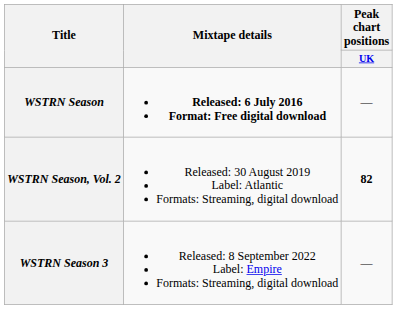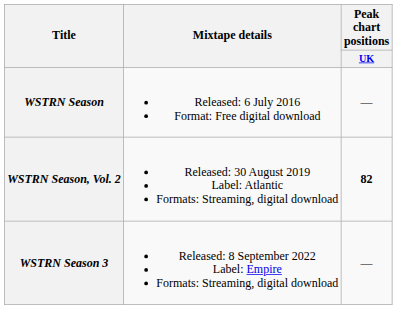 <table class="wikitable plainrowheaders" style="text-align:center;">
 <tr>
 <th scope="col" rowspan="2">Title</th>
 <th scope="col" rowspan="2">Mixtape details</th>
 <th scope="col" colspan="1">Peak chart positions</th>
 </tr>
 <tr>
 <th scope="col" style="width:3em;font-size:85%;"><a href='#'>UK</a><br></th>
 </tr>
 <tr>
 <th scope="row"><em>WSTRN Season</em></th>
-<td><strong><br><ul><li>Released: 6 July 2016</li><li>Format: Free digital download</li></ul></strong></td>
+<td><br><ul><li>Released: 6 July 2016</li><li>Format: Free digital download</li></ul></td>
 <td>—</td>
 </tr>
 <tr>
 <th scope="row"><em>WSTRN Season, Vol. 2</em></th>
 <td><br><ul><li>Released: 30 August 2019</li><li>Label: Atlantic</li><li>Formats: Streaming, digital download</li></ul></td>
 <td><strong>82</strong></td>
 </tr>
 <tr>
 <th scope="row"><em>WSTRN Season 3</em></th>
 <td><br><ul><li>Released: 8 September 2022</li><li>Label: <a href='#'>Empire</a></li><li>Formats: Streaming, digital download</li></ul></td>
 <td>—</td>
 </tr>
 </table>
